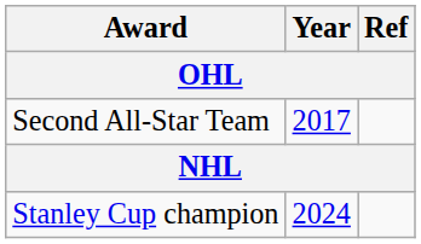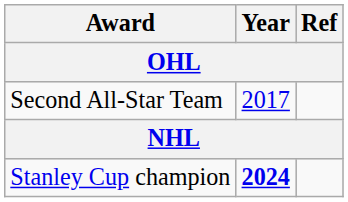 <table class="wikitable">
 <tr>
 <th>Award</th>
 <th>Year</th>
 <th>Ref</th>
 </tr>
 <tr>
 <th colspan="3"><a href='#'>OHL</a></th>
 </tr>
 <tr>
 <td>Second All-Star Team</td>
 <td><a href='#'>2017</a></td>
 <td></td>
 </tr>
 <tr>
 <th colspan="4"><a href='#'>NHL</a></th>
 </tr>
 <tr>
 <td><a href='#'>Stanley Cup</a> champion</td>
-<td><a href='#'>2024</a></td>
+<td><strong><a href='#'>2024</a></strong></td>
 <td></td>
 </tr>
 </table>
